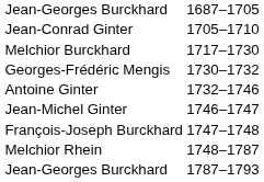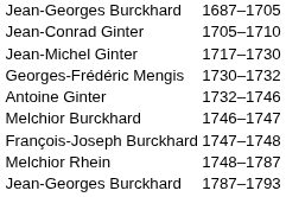 <table>
 <tr>
 <td>Jean-Georges Burckhard</td>
 <td>1687–1705</td>
 </tr>
 <tr>
 <td>Jean-Conrad Ginter</td>
 <td>1705–1710</td>
 </tr>
 <tr>
-<td>Melchior Burckhard</td>
+<td>Jean-Michel Ginter</td>
 <td>1717–1730</td>
 </tr>
 <tr>
 <td>Georges-Frédéric Mengis</td>
 <td>1730–1732</td>
 </tr>
 <tr>
 <td>Antoine Ginter</td>
 <td>1732–1746</td>
 </tr>
 <tr>
-<td>Jean-Michel Ginter</td>
+<td>Melchior Burckhard</td>
 <td>1746–1747</td>
 </tr>
 <tr>
 <td>François-Joseph Burckhard</td>
 <td>1747–1748</td>
 </tr>
 <tr>
 <td>Melchior Rhein</td>
 <td>1748–1787</td>
 </tr>
 <tr>
 <td>Jean-Georges Burckhard</td>
 <td>1787–1793</td>
 </tr>
 </table>
